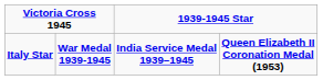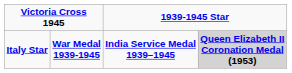 <table class="wikitable" style="margin:1em auto; text-align:center;">
 <tr>
 <td colspan="2"><strong><a href='#'>Victoria Cross</a></strong><br><strong>1945</strong></td>
 <td colspan="2"><strong><a href='#'>1939-1945 Star</a></strong></td>
 </tr>
 <tr>
 <td><strong><a href='#'>Italy Star</a></strong></td>
 <td><strong><a href='#'>War Medal</a></strong><br><strong><a href='#'>1939-1945</a></strong></td>
 <td><strong><a href='#'>India Service Medal</a></strong><br><a href='#'><strong>1939–1945</strong></a></td>
-<td><strong><a href='#'>Queen Elizabeth II</a></strong><br><strong><a href='#'>Coronation Medal</a></strong><br><strong>(1953)</strong></td>
+<td style="background: lightgrey;"><strong><a href='#'>Queen Elizabeth II</a></strong><br><strong><a href='#'>Coronation Medal</a></strong><br><strong>(1953)</strong></td>
 </tr>
 </table>
